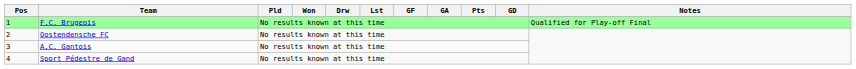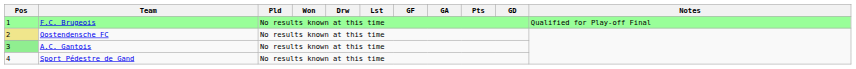 <table class="wikitable" width=70% style="font-size:90%">
 <tr>
 <th width=4%><strong>Pos</strong></th>
 <th width=26%><strong>Team</strong></th>
 <th width=4%><strong>Pld</strong></th>
 <th width=4%><strong>Won</strong></th>
 <th width=4%><strong>Drw</strong></th>
 <th width=4%><strong>Lst</strong></th>
 <th width=4%><strong>GF</strong></th>
 <th width=4%><strong>GA</strong></th>
 <th width=4%><strong>Pts</strong></th>
 <th width=4%><strong>GD</strong></th>
 <th width=38%><strong>Notes</strong></th>
 </tr>
 <tr style="background:#99ff99">
 <td>1</td>
 <td><a href='#'>F.C. Brugeois</a></td>
 <td colspan=8>No results known at this time</td>
 <td>Qualified for Play-off Final</td>
 </tr>
 <tr>
-<td>2</td>
+<td style="background: khaki;">2</td>
 <td><a href='#'>Oostendensche FC</a></td>
 <td colspan=8>No results known at this time</td>
 </tr>
 <tr>
-<td>3</td>
+<td style="background: lightgreen;">3</td>
 <td><a href='#'>A.C. Gantois</a></td>
 <td colspan=8>No results known at this time</td>
 </tr>
 <tr>
 <td>4</td>
 <td><a href='#'>Sport Pédestre de Gand</a></td>
 <td colspan=8>No results known at this time</td>
 </tr>
 </table>
